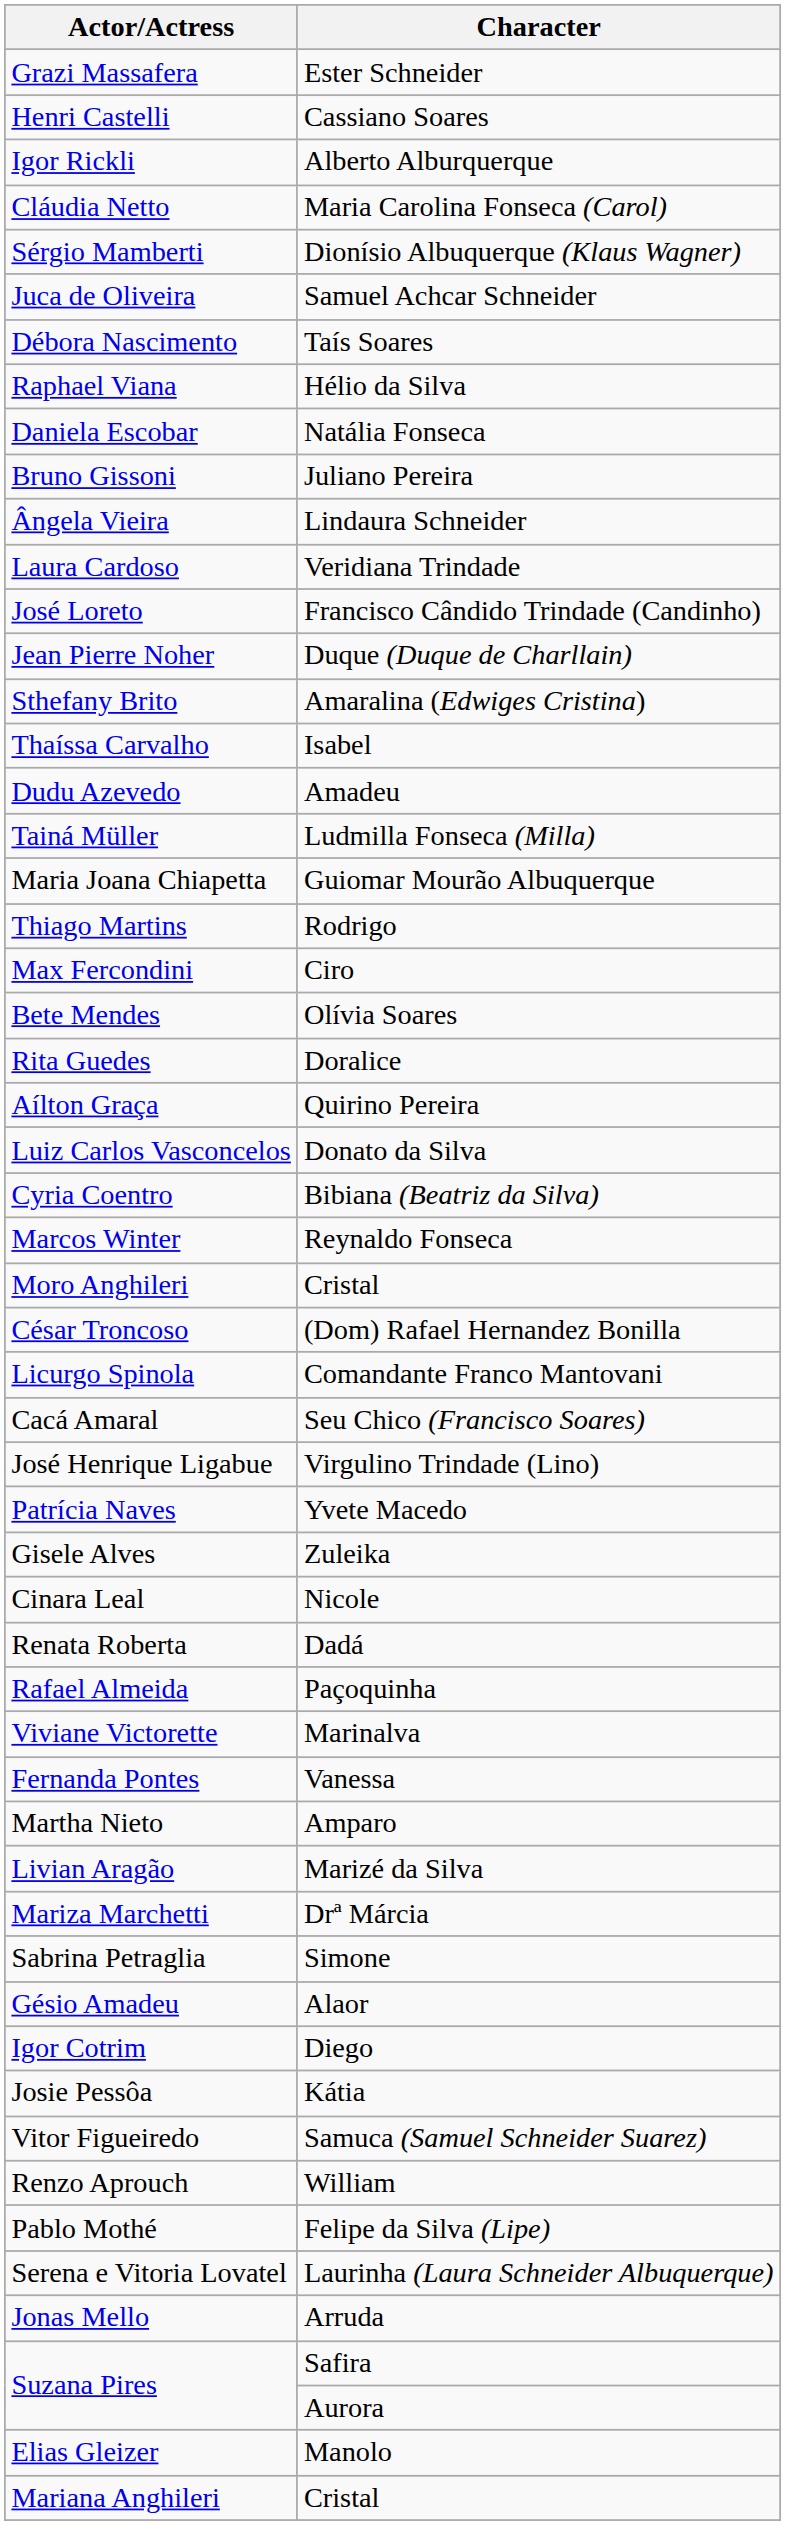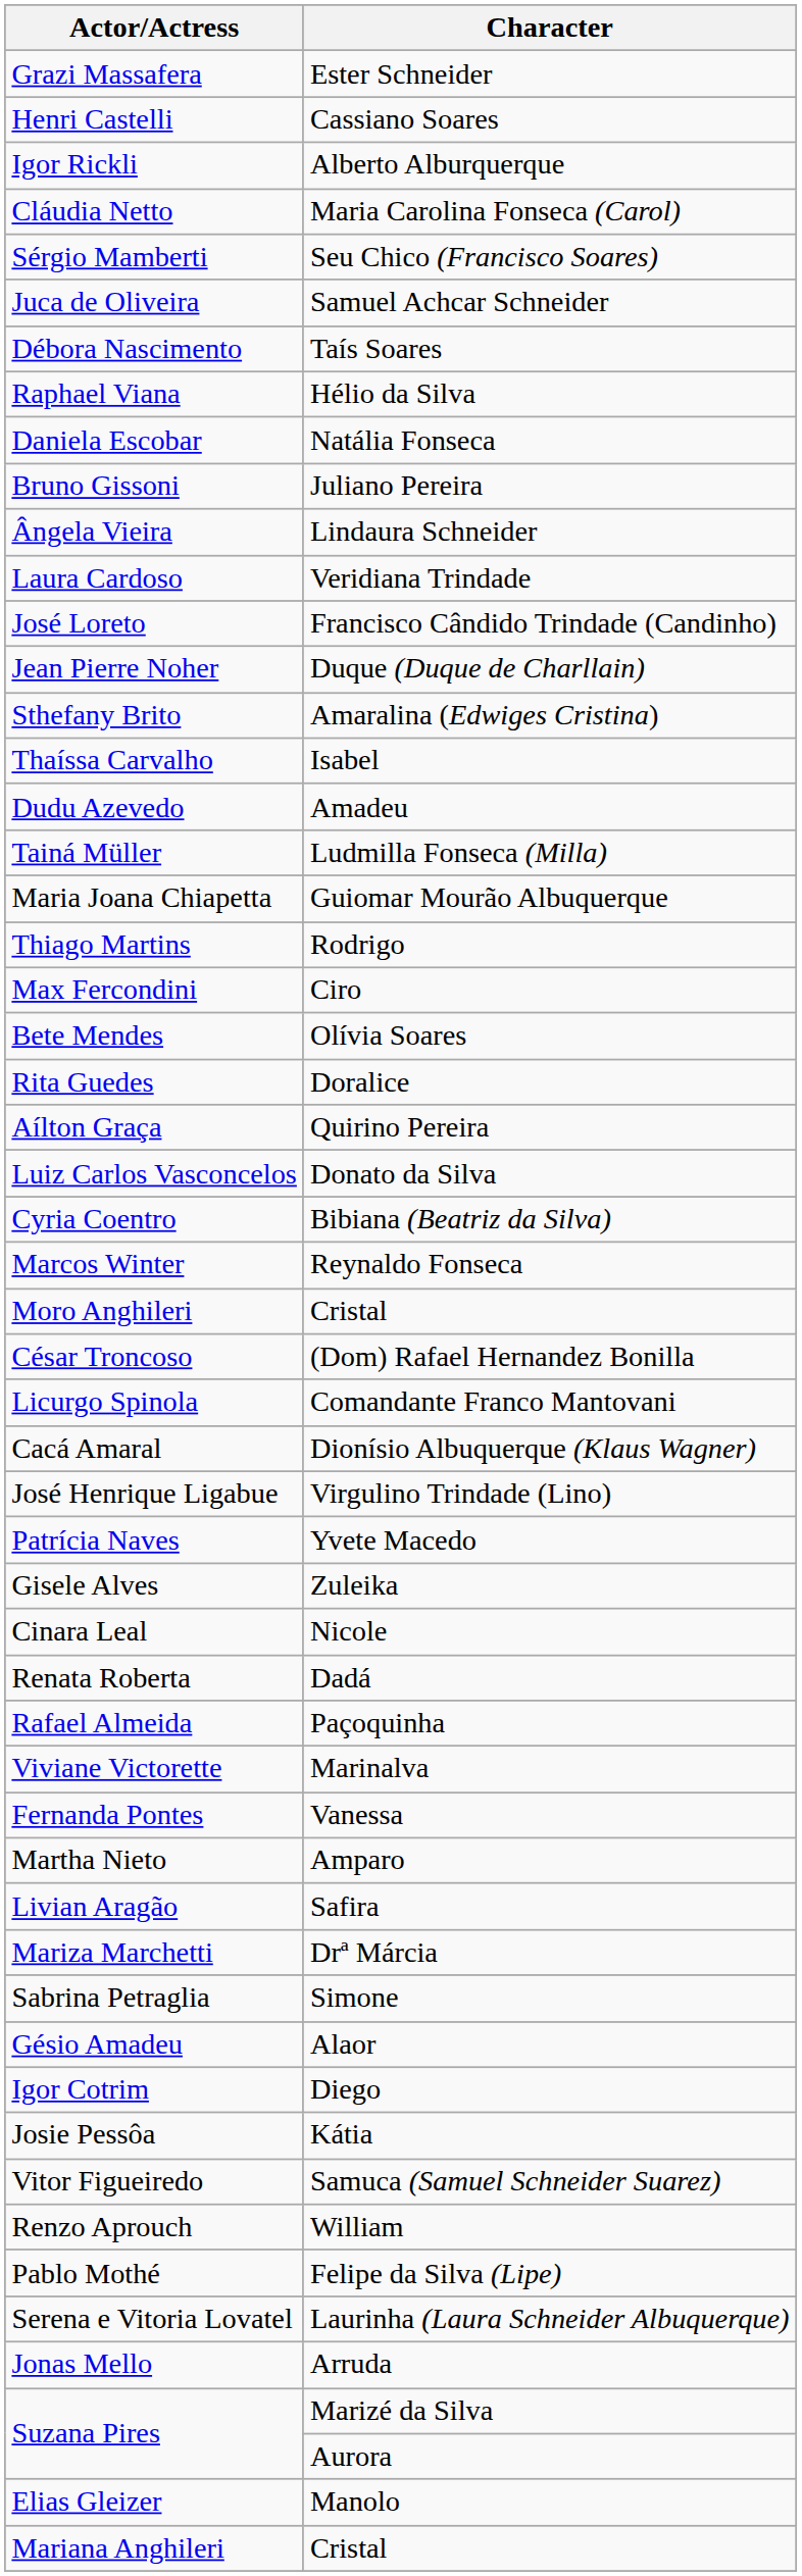 <table class="wikitable">
 <tr>
 <th>Actor/Actress</th>
 <th>Character</th>
 </tr>
 <tr>
 <td><a href='#'>Grazi Massafera</a></td>
 <td>Ester Schneider</td>
 </tr>
 <tr>
 <td><a href='#'>Henri Castelli</a></td>
 <td>Cassiano Soares</td>
 </tr>
 <tr>
 <td><a href='#'>Igor Rickli</a></td>
 <td>Alberto Alburquerque</td>
 </tr>
 <tr>
 <td><a href='#'>Cláudia Netto</a></td>
 <td>Maria Carolina Fonseca <em>(Carol)</em></td>
 </tr>
 <tr>
 <td><a href='#'>Sérgio Mamberti</a></td>
-<td>Dionísio Albuquerque <em>(Klaus Wagner)</em></td>
+<td>Seu Chico <em>(Francisco Soares)</em></td>
 </tr>
 <tr>
 <td><a href='#'>Juca de Oliveira</a></td>
 <td>Samuel Achcar Schneider</td>
 </tr>
 <tr>
 <td><a href='#'>Débora Nascimento</a></td>
 <td>Taís Soares</td>
 </tr>
 <tr>
 <td><a href='#'>Raphael Viana</a></td>
 <td>Hélio da Silva</td>
 </tr>
 <tr>
 <td><a href='#'>Daniela Escobar</a></td>
 <td>Natália Fonseca</td>
 </tr>
 <tr>
 <td><a href='#'>Bruno Gissoni</a></td>
 <td>Juliano Pereira</td>
 </tr>
 <tr>
 <td><a href='#'>Ângela Vieira</a></td>
 <td>Lindaura Schneider</td>
 </tr>
 <tr>
 <td><a href='#'>Laura Cardoso</a></td>
 <td>Veridiana Trindade</td>
 </tr>
 <tr>
 <td><a href='#'>José Loreto</a></td>
 <td>Francisco Cândido Trindade (Candinho)</td>
 </tr>
 <tr>
 <td><a href='#'>Jean Pierre Noher</a></td>
 <td>Duque <em>(Duque de Charllain)</em></td>
 </tr>
 <tr>
 <td><a href='#'>Sthefany Brito</a></td>
 <td>Amaralina (<em>Edwiges Cristina</em>)</td>
 </tr>
 <tr>
 <td><a href='#'>Thaíssa Carvalho</a></td>
 <td>Isabel</td>
 </tr>
 <tr>
 <td><a href='#'>Dudu Azevedo</a></td>
 <td>Amadeu</td>
 </tr>
 <tr>
 <td><a href='#'>Tainá Müller</a></td>
 <td>Ludmilla Fonseca <em>(Milla)</em></td>
 </tr>
 <tr>
 <td>Maria Joana Chiapetta</td>
 <td>Guiomar Mourão Albuquerque</td>
 </tr>
 <tr>
 <td><a href='#'>Thiago Martins</a></td>
 <td>Rodrigo</td>
 </tr>
 <tr>
 <td><a href='#'>Max Fercondini</a></td>
 <td>Ciro</td>
 </tr>
 <tr>
 <td><a href='#'>Bete Mendes</a></td>
 <td>Olívia Soares</td>
 </tr>
 <tr>
 <td><a href='#'>Rita Guedes</a></td>
 <td>Doralice</td>
 </tr>
 <tr>
 <td><a href='#'>Aílton Graça</a></td>
 <td>Quirino Pereira</td>
 </tr>
 <tr>
 <td><a href='#'>Luiz Carlos Vasconcelos</a></td>
 <td>Donato da Silva</td>
 </tr>
 <tr>
 <td><a href='#'>Cyria Coentro</a></td>
 <td>Bibiana <em>(Beatriz da Silva)</em></td>
 </tr>
 <tr>
 <td><a href='#'>Marcos Winter</a></td>
 <td>Reynaldo Fonseca</td>
 </tr>
 <tr>
 <td><a href='#'>Moro Anghileri</a></td>
 <td>Cristal</td>
 </tr>
 <tr>
 <td><a href='#'>César Troncoso</a></td>
 <td>(Dom) Rafael Hernandez Bonilla</td>
 </tr>
 <tr>
 <td><a href='#'>Licurgo Spinola</a></td>
 <td>Comandante Franco Mantovani</td>
 </tr>
 <tr>
 <td>Cacá Amaral</td>
-<td>Seu Chico <em>(Francisco Soares)</em></td>
+<td>Dionísio Albuquerque <em>(Klaus Wagner)</em></td>
 </tr>
 <tr>
 <td>José Henrique Ligabue</td>
 <td>Virgulino Trindade (Lino)</td>
 </tr>
 <tr>
 <td><a href='#'>Patrícia Naves</a></td>
 <td>Yvete Macedo</td>
 </tr>
 <tr>
 <td>Gisele Alves</td>
 <td>Zuleika</td>
 </tr>
 <tr>
 <td>Cinara Leal</td>
 <td>Nicole</td>
 </tr>
 <tr>
 <td>Renata Roberta</td>
 <td>Dadá</td>
 </tr>
 <tr>
 <td><a href='#'>Rafael Almeida</a></td>
 <td>Paçoquinha</td>
 </tr>
 <tr>
 <td><a href='#'>Viviane Victorette</a></td>
 <td>Marinalva</td>
 </tr>
 <tr>
 <td><a href='#'>Fernanda Pontes</a></td>
 <td>Vanessa</td>
 </tr>
 <tr>
 <td>Martha Nieto</td>
 <td>Amparo</td>
 </tr>
 <tr>
 <td><a href='#'>Livian Aragão</a></td>
-<td>Marizé da Silva</td>
+<td>Safira</td>
 </tr>
 <tr>
 <td><a href='#'>Mariza Marchetti</a></td>
 <td>Drª Márcia</td>
 </tr>
 <tr>
 <td>Sabrina Petraglia</td>
 <td>Simone</td>
 </tr>
 <tr>
 <td><a href='#'>Gésio Amadeu</a></td>
 <td>Alaor</td>
 </tr>
 <tr>
 <td><a href='#'>Igor Cotrim</a></td>
 <td>Diego</td>
 </tr>
 <tr>
 <td>Josie Pessôa</td>
 <td>Kátia</td>
 </tr>
 <tr>
 <td>Vitor Figueiredo</td>
 <td>Samuca <em>(Samuel Schneider Suarez)</em></td>
 </tr>
 <tr>
 <td>Renzo Aprouch</td>
 <td>William</td>
 </tr>
 <tr>
 <td>Pablo Mothé</td>
 <td>Felipe da Silva <em>(Lipe)</em></td>
 </tr>
 <tr>
 <td>Serena e Vitoria Lovatel</td>
 <td>Laurinha <em>(Laura Schneider Albuquerque)</em></td>
 </tr>
 <tr>
 <td><a href='#'>Jonas Mello</a></td>
 <td>Arruda</td>
 </tr>
 <tr>
 <td rowspan="2"><a href='#'>Suzana Pires</a></td>
-<td>Safira</td>
+<td>Marizé da Silva</td>
 </tr>
 <tr>
 <td>Aurora</td>
 </tr>
 <tr>
 <td><a href='#'>Elias Gleizer</a></td>
 <td>Manolo</td>
 </tr>
 <tr>
 <td><a href='#'>Mariana Anghileri</a></td>
 <td>Cristal</td>
 </tr>
 </table>
